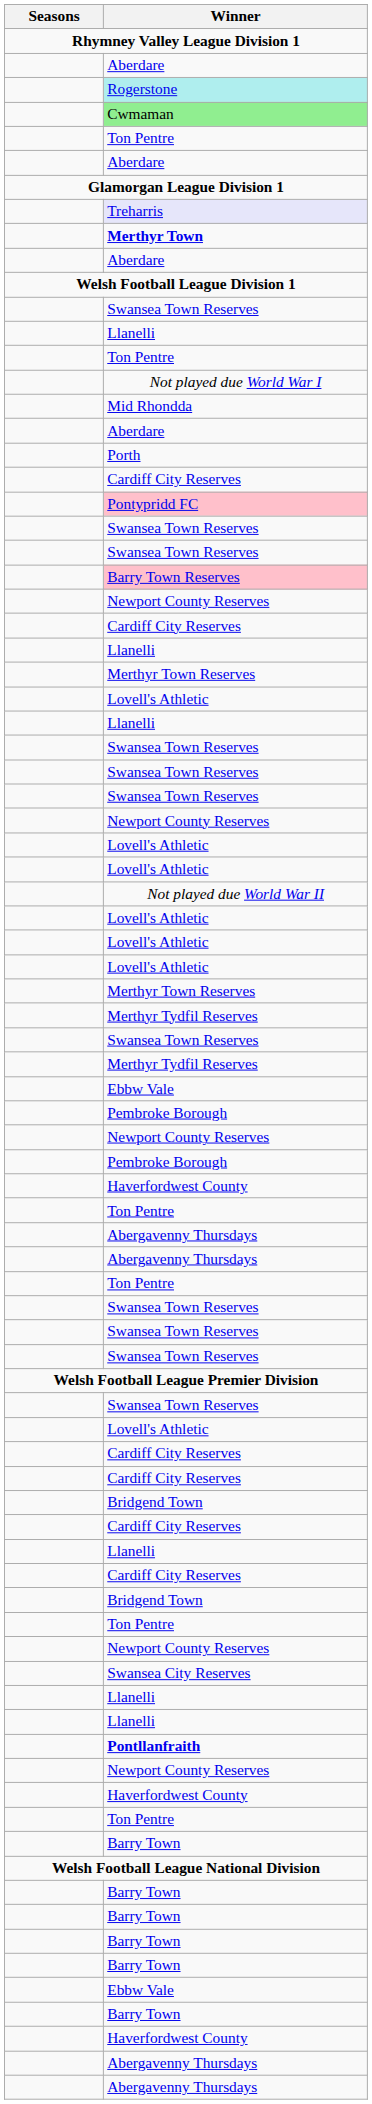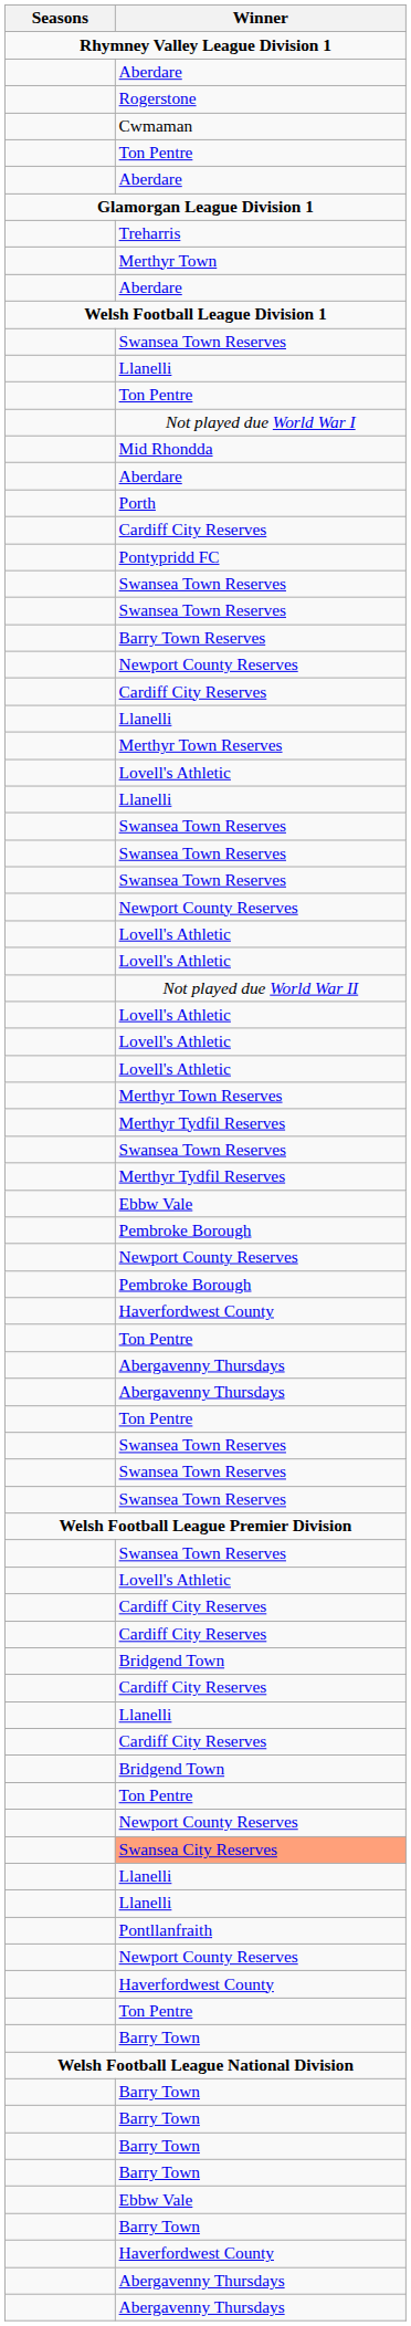 <table class="wikitable" style="width:30%">
 <tr>
 <th style="width:6%;">Seasons</th>
 <th style="width:24%;">Winner</th>
 </tr>
 <tr>
 <td colspan="2" style="text-align:center;"><strong>Rhymney Valley League Division 1</strong></td>
 </tr>
 <tr>
 <td></td>
 <td><a href='#'>Aberdare</a></td>
 </tr>
 <tr>
 <td></td>
-<td style="background: paleturquoise;"><a href='#'>Rogerstone</a></td>
+<td><a href='#'>Rogerstone</a></td>
 </tr>
 <tr>
 <td></td>
-<td style="background: lightgreen;">Cwmaman</td>
+<td>Cwmaman</td>
 </tr>
 <tr>
 <td></td>
 <td><a href='#'>Ton Pentre</a></td>
 </tr>
 <tr>
 <td></td>
 <td><a href='#'>Aberdare</a></td>
 </tr>
 <tr>
 <td colspan="2" style="text-align:center;"><strong>Glamorgan League Division 1</strong></td>
 </tr>
 <tr>
 <td></td>
-<td style="background: lavender;"><a href='#'>Treharris</a></td>
+<td><a href='#'>Treharris</a></td>
 </tr>
 <tr>
 <td></td>
-<td><strong><a href='#'>Merthyr Town</a></strong></td>
+<td><a href='#'>Merthyr Town</a></td>
 </tr>
 <tr>
 <td></td>
 <td><a href='#'>Aberdare</a></td>
 </tr>
 <tr>
 <td colspan="2" style="text-align:center;"><strong>Welsh Football League Division 1</strong></td>
 </tr>
 <tr>
 <td></td>
 <td><a href='#'>Swansea Town Reserves</a></td>
 </tr>
 <tr>
 <td></td>
 <td><a href='#'>Llanelli</a></td>
 </tr>
 <tr>
 <td></td>
 <td><a href='#'>Ton Pentre</a></td>
 </tr>
 <tr>
 <td></td>
 <td colspan="2" style="text-align:center;"><em>Not played due <a href='#'>World War I</a></em></td>
 </tr>
 <tr>
 <td></td>
 <td><a href='#'>Mid Rhondda</a></td>
 </tr>
 <tr>
 <td></td>
 <td><a href='#'>Aberdare</a></td>
 </tr>
 <tr>
 <td></td>
 <td><a href='#'>Porth</a></td>
 </tr>
 <tr>
 <td></td>
 <td><a href='#'>Cardiff City Reserves</a></td>
 </tr>
 <tr>
 <td></td>
-<td style="background: pink;"><a href='#'>Pontypridd FC</a></td>
+<td><a href='#'>Pontypridd FC</a></td>
 </tr>
 <tr>
 <td></td>
 <td><a href='#'>Swansea Town Reserves</a></td>
 </tr>
 <tr>
 <td></td>
 <td><a href='#'>Swansea Town Reserves</a></td>
 </tr>
 <tr>
 <td></td>
-<td style="background: pink;"><a href='#'>Barry Town Reserves</a></td>
+<td><a href='#'>Barry Town Reserves</a></td>
 </tr>
 <tr>
 <td></td>
 <td><a href='#'>Newport County Reserves</a></td>
 </tr>
 <tr>
 <td></td>
 <td><a href='#'>Cardiff City Reserves</a></td>
 </tr>
 <tr>
 <td></td>
 <td><a href='#'>Llanelli</a></td>
 </tr>
 <tr>
 <td></td>
 <td><a href='#'>Merthyr Town Reserves</a></td>
 </tr>
 <tr>
 <td></td>
 <td><a href='#'>Lovell's Athletic</a></td>
 </tr>
 <tr>
 <td></td>
 <td><a href='#'>Llanelli</a></td>
 </tr>
 <tr>
 <td></td>
 <td><a href='#'>Swansea Town Reserves</a></td>
 </tr>
 <tr>
 <td></td>
 <td><a href='#'>Swansea Town Reserves</a></td>
 </tr>
 <tr>
 <td></td>
 <td><a href='#'>Swansea Town Reserves</a></td>
 </tr>
 <tr>
 <td></td>
 <td><a href='#'>Newport County Reserves</a></td>
 </tr>
 <tr>
 <td></td>
 <td><a href='#'>Lovell's Athletic</a></td>
 </tr>
 <tr>
 <td></td>
 <td><a href='#'>Lovell's Athletic</a></td>
 </tr>
 <tr>
 <td></td>
 <td colspan="2" style="text-align:center;"><em>Not played due <a href='#'>World War II</a></em></td>
 </tr>
 <tr>
 <td></td>
 <td><a href='#'>Lovell's Athletic</a></td>
 </tr>
 <tr>
 <td></td>
 <td><a href='#'>Lovell's Athletic</a></td>
 </tr>
 <tr>
 <td></td>
 <td><a href='#'>Lovell's Athletic</a></td>
 </tr>
 <tr>
 <td></td>
 <td><a href='#'>Merthyr Town Reserves</a></td>
 </tr>
 <tr>
 <td></td>
 <td><a href='#'>Merthyr Tydfil Reserves</a></td>
 </tr>
 <tr>
 <td></td>
 <td><a href='#'>Swansea Town Reserves</a></td>
 </tr>
 <tr>
 <td></td>
 <td><a href='#'>Merthyr Tydfil Reserves</a></td>
 </tr>
 <tr>
 <td></td>
 <td><a href='#'>Ebbw Vale</a></td>
 </tr>
 <tr>
 <td></td>
 <td><a href='#'>Pembroke Borough</a></td>
 </tr>
 <tr>
 <td></td>
 <td><a href='#'>Newport County Reserves</a></td>
 </tr>
 <tr>
 <td></td>
 <td><a href='#'>Pembroke Borough</a></td>
 </tr>
 <tr>
 <td></td>
 <td><a href='#'>Haverfordwest County</a></td>
 </tr>
 <tr>
 <td></td>
 <td><a href='#'>Ton Pentre</a></td>
 </tr>
 <tr>
 <td></td>
 <td><a href='#'>Abergavenny Thursdays</a></td>
 </tr>
 <tr>
 <td></td>
 <td><a href='#'>Abergavenny Thursdays</a></td>
 </tr>
 <tr>
 <td></td>
 <td><a href='#'>Ton Pentre</a></td>
 </tr>
 <tr>
 <td></td>
 <td><a href='#'>Swansea Town Reserves</a></td>
 </tr>
 <tr>
 <td></td>
 <td><a href='#'>Swansea Town Reserves</a></td>
 </tr>
 <tr>
 <td></td>
 <td><a href='#'>Swansea Town Reserves</a></td>
 </tr>
 <tr>
 <td colspan="2" style="text-align:center;"><strong>Welsh Football League Premier Division</strong></td>
 </tr>
 <tr>
 <td></td>
 <td><a href='#'>Swansea Town Reserves</a></td>
 </tr>
 <tr>
 <td></td>
 <td><a href='#'>Lovell's Athletic</a></td>
 </tr>
 <tr>
 <td></td>
 <td><a href='#'>Cardiff City Reserves</a></td>
 </tr>
 <tr>
 <td></td>
 <td><a href='#'>Cardiff City Reserves</a></td>
 </tr>
 <tr>
 <td></td>
 <td><a href='#'>Bridgend Town</a></td>
 </tr>
 <tr>
 <td></td>
 <td><a href='#'>Cardiff City Reserves</a></td>
 </tr>
 <tr>
 <td></td>
 <td><a href='#'>Llanelli</a></td>
 </tr>
 <tr>
 <td></td>
 <td><a href='#'>Cardiff City Reserves</a></td>
 </tr>
 <tr>
 <td></td>
 <td><a href='#'>Bridgend Town</a></td>
 </tr>
 <tr>
 <td></td>
 <td><a href='#'>Ton Pentre</a></td>
 </tr>
 <tr>
 <td></td>
 <td><a href='#'>Newport County Reserves</a></td>
 </tr>
 <tr>
 <td></td>
-<td><a href='#'>Swansea City Reserves</a></td>
+<td style="background: lightsalmon;"><a href='#'>Swansea City Reserves</a></td>
 </tr>
 <tr>
 <td></td>
 <td><a href='#'>Llanelli</a></td>
 </tr>
 <tr>
 <td></td>
 <td><a href='#'>Llanelli</a></td>
 </tr>
 <tr>
 <td></td>
-<td><strong><a href='#'>Pontllanfraith</a></strong></td>
+<td><a href='#'>Pontllanfraith</a></td>
 </tr>
 <tr>
 <td></td>
 <td><a href='#'>Newport County Reserves</a></td>
 </tr>
 <tr>
 <td></td>
 <td><a href='#'>Haverfordwest County</a></td>
 </tr>
 <tr>
 <td></td>
 <td><a href='#'>Ton Pentre</a></td>
 </tr>
 <tr>
 <td></td>
 <td><a href='#'>Barry Town</a></td>
 </tr>
 <tr>
 <td colspan="2" style="text-align:center;"><strong>Welsh Football League National Division</strong></td>
 </tr>
 <tr>
 <td></td>
 <td><a href='#'>Barry Town</a></td>
 </tr>
 <tr>
 <td></td>
 <td><a href='#'>Barry Town</a></td>
 </tr>
 <tr>
 <td></td>
 <td><a href='#'>Barry Town</a></td>
 </tr>
 <tr>
 <td></td>
 <td><a href='#'>Barry Town</a></td>
 </tr>
 <tr>
 <td></td>
 <td><a href='#'>Ebbw Vale</a></td>
 </tr>
 <tr>
 <td></td>
 <td><a href='#'>Barry Town</a></td>
 </tr>
 <tr>
 <td></td>
 <td><a href='#'>Haverfordwest County</a></td>
 </tr>
 <tr>
 <td></td>
 <td><a href='#'>Abergavenny Thursdays</a></td>
 </tr>
 <tr>
 <td></td>
 <td><a href='#'>Abergavenny Thursdays</a></td>
 </tr>
 </table>
